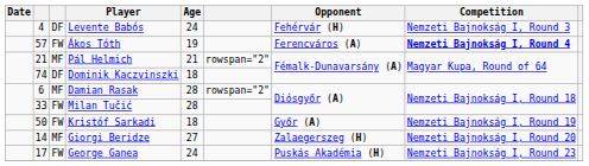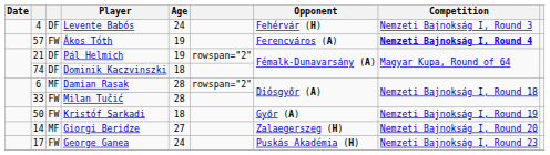 <table class="wikitable sortable" style="text-align:center; font-size:95%;">
 <tr>
 <th>Date</th>
 <th></th>
 <th></th>
 <th>Player</th>
 <th>Age</th>
 <th></th>
 <th>Opponent</th>
 <th>Competition</th>
 <th class="unsortable"></th>
 </tr>
 <tr>
 <td data-sort-value="1"></td>
 <td>4</td>
 <td>DF</td>
 <td style="text-align:left;"> <a href='#'>Levente Babós</a></td>
 <td>24</td>
 <td></td>
 <td style="text-align:left;"><a href='#'>Fehérvár</a> (<strong>H</strong>)</td>
 <td style="text-align:left;"><a href='#'>Nemzeti Bajnokság I, Round 3</a></td>
 <td></td>
 </tr>
 <tr>
 <td data-sort-value="2"></td>
 <td>57</td>
 <td>FW</td>
 <td style="text-align:left;"> <a href='#'>Ákos Tóth</a></td>
 <td>19</td>
 <td></td>
 <td style="text-align:left;"><a href='#'>Ferencváros</a> (<strong>A</strong>)</td>
 <td style="text-align:left;"><strong><a href='#'>Nemzeti Bajnokság I, Round 4</a></strong></td>
 <td></td>
 </tr>
 <tr>
 <td data-sort-value="3" rowspan="2"></td>
 <td>21</td>
-<td>MF</td>
+<td>DF</td>
 <td style="text-align:left;"> <a href='#'>Pál Helmich</a></td>
-<td>21</td>
+<td>19</td>
 <td>rowspan="2" </td>
 <td rowspan="2" style="text-align:left;"><a href='#'>Fémalk-Dunavarsány</a> (<strong>A</strong>)</td>
 <td rowspan="2" style="text-align:left;"><a href='#'>Magyar Kupa, Round of 64</a></td>
 <td rowspan="2"></td>
 </tr>
 <tr>
 <td>74</td>
 <td>DF</td>
 <td style="text-align:left;"> <a href='#'>Dominik Kaczvinszki</a></td>
 <td>18</td>
 </tr>
 <tr>
 <td data-sort-value="4" rowspan="2"></td>
 <td>6</td>
 <td>MF</td>
 <td style="text-align:left;"> <a href='#'>Damian Rasak</a></td>
 <td>28</td>
 <td>rowspan="2" </td>
 <td rowspan="2" style="text-align:left;"><a href='#'>Diósgyőr</a> (<strong>A</strong>)</td>
 <td rowspan="2" style="text-align:left;"><a href='#'>Nemzeti Bajnokság I, Round 18</a></td>
 <td rowspan="2"></td>
 </tr>
 <tr>
 <td>33</td>
 <td>FW</td>
 <td style="text-align:left;"> <a href='#'>Milan Tučić</a></td>
 <td>28</td>
 </tr>
 <tr>
 <td data-sort-value="5"></td>
 <td>50</td>
 <td>FW</td>
 <td style="text-align:left;"> <a href='#'>Kristóf Sarkadi</a></td>
 <td>18</td>
 <td></td>
 <td style="text-align:left;"><a href='#'>Győr</a> (<strong>A</strong>)</td>
 <td style="text-align:left;"><a href='#'>Nemzeti Bajnokság I, Round 19</a></td>
 <td></td>
 </tr>
 <tr>
 <td data-sort-value="6"></td>
 <td>14</td>
 <td>MF</td>
 <td style="text-align:left;"> <a href='#'>Giorgi Beridze</a></td>
 <td>27</td>
 <td></td>
 <td style="text-align:left;"><a href='#'>Zalaegerszeg</a> (<strong>H</strong>)</td>
 <td style="text-align:left;"><a href='#'>Nemzeti Bajnokság I, Round 20</a></td>
 <td></td>
 </tr>
 <tr>
 <td data-sort-value="7"></td>
 <td>17</td>
 <td>FW</td>
 <td style="text-align:left;"> <a href='#'>George Ganea</a></td>
 <td>24</td>
 <td></td>
 <td style="text-align:left;"><a href='#'>Puskás Akadémia</a> (<strong>H</strong>)</td>
 <td style="text-align:left;"><a href='#'>Nemzeti Bajnokság I, Round 23</a></td>
 <td></td>
 </tr>
 <tr>
 </tr>
 </table>
